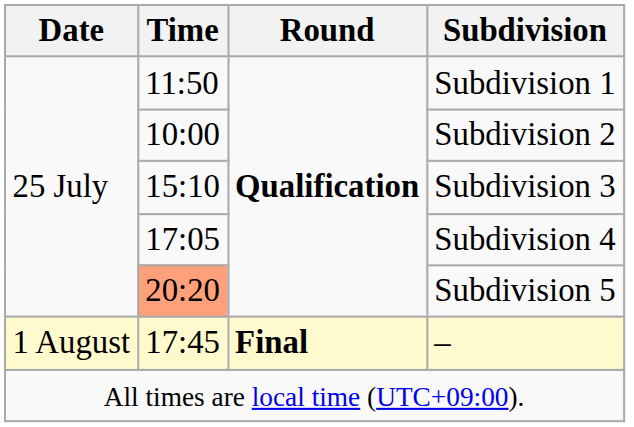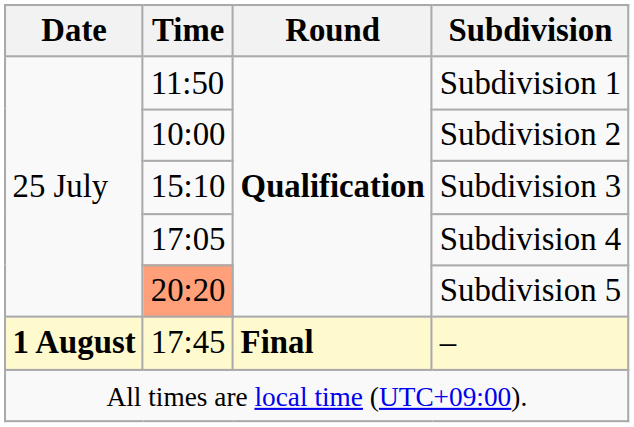 <table class="wikitable">
 <tr>
 <th>Date</th>
 <th>Time</th>
 <th>Round</th>
 <th>Subdivision</th>
 </tr>
 <tr>
 <td rowspan=5>25 July</td>
 <td>11:50</td>
 <td rowspan=5><strong>Qualification</strong></td>
 <td>Subdivision 1</td>
 </tr>
 <tr>
 <td>10:00</td>
 <td>Subdivision 2</td>
 </tr>
 <tr>
 <td>15:10</td>
 <td>Subdivision 3</td>
 </tr>
 <tr>
 <td>17:05</td>
 <td>Subdivision 4</td>
 </tr>
 <tr>
 <td style="background: lightsalmon;">20:20</td>
 <td>Subdivision 5</td>
 </tr>
 <tr style=background:lemonchiffon>
-<td>1 August</td>
+<td><strong>1 August</strong></td>
 <td>17:45</td>
 <td><strong>Final</strong></td>
 <td>–</td>
 </tr>
 <tr>
 <td colspan=4 align=center><small>All times are <a href='#'>local time</a> (<a href='#'>UTC+09:00</a>).</small></td>
 </tr>
 </table>
